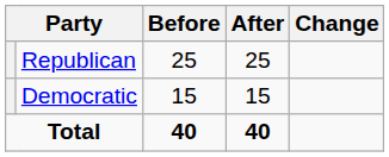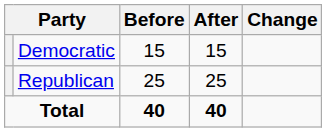 <table class="wikitable" style="text-align:center;">
 <tr>
 <th colspan="2">Party</th>
 <th>Before</th>
 <th>After</th>
 <th>Change</th>
 </tr>
 <tr>
 <th style="background-color:"></th>
-<td style="text-align:left;"><a href='#'>Republican</a></td>
-<td>25</td>
-<td>25</td>
+<td style="text-align:left;"><a href='#'>Democratic</a></td>
+<td>15</td>
+<td>15</td>
 <td></td>
 </tr>
 <tr>
 <th style="background-color:"></th>
-<td style="text-align:left;"><a href='#'>Democratic</a></td>
-<td>15</td>
-<td>15</td>
+<td style="text-align:left;"><a href='#'>Republican</a></td>
+<td>25</td>
+<td>25</td>
 <td></td>
 </tr>
 <tr>
 <td colspan="2"><strong>Total</strong></td>
 <td><strong>40</strong></td>
 <td><strong>40</strong></td>
 <td></td>
 </tr>
 </table>
